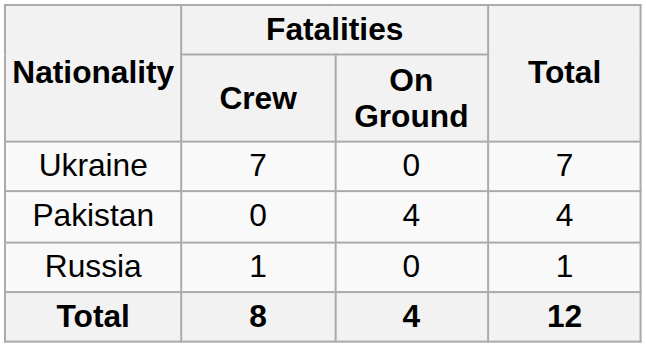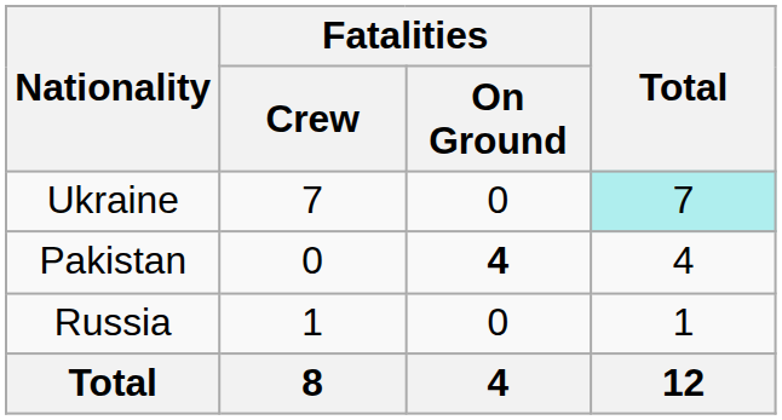 <table class="wikitable" style="text-align:center">
 <tr>
 <th rowspan=2>Nationality</th>
 <th colspan=2>Fatalities</th>
 <th rowspan="2" style="width:70px;">Total</th>
 </tr>
 <tr>
 <th style="width:70px;">Crew</th>
 <th style="width:70px;">On Ground</th>
 </tr>
 <tr>
 <td>Ukraine</td>
 <td>7</td>
 <td>0</td>
-<td>7</td>
+<td style="background: paleturquoise;">7</td>
 </tr>
 <tr>
 <td>Pakistan</td>
 <td>0</td>
-<td>4</td>
+<td><strong>4</strong></td>
 <td>4</td>
 </tr>
 <tr>
 <td>Russia</td>
 <td>1</td>
 <td>0</td>
 <td>1</td>
 </tr>
 <tr>
 <th>Total</th>
 <th>8</th>
 <th>4</th>
 <th>12</th>
 </tr>
 </table>
